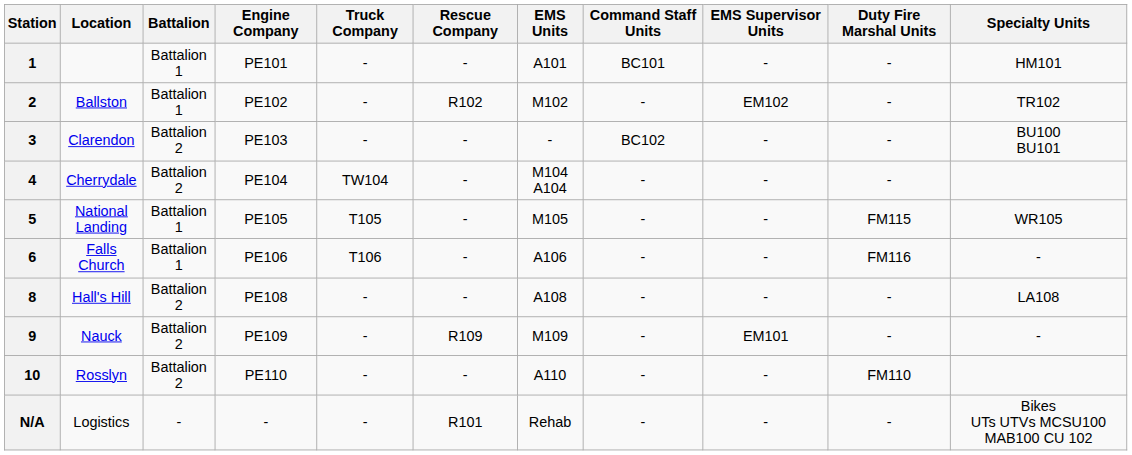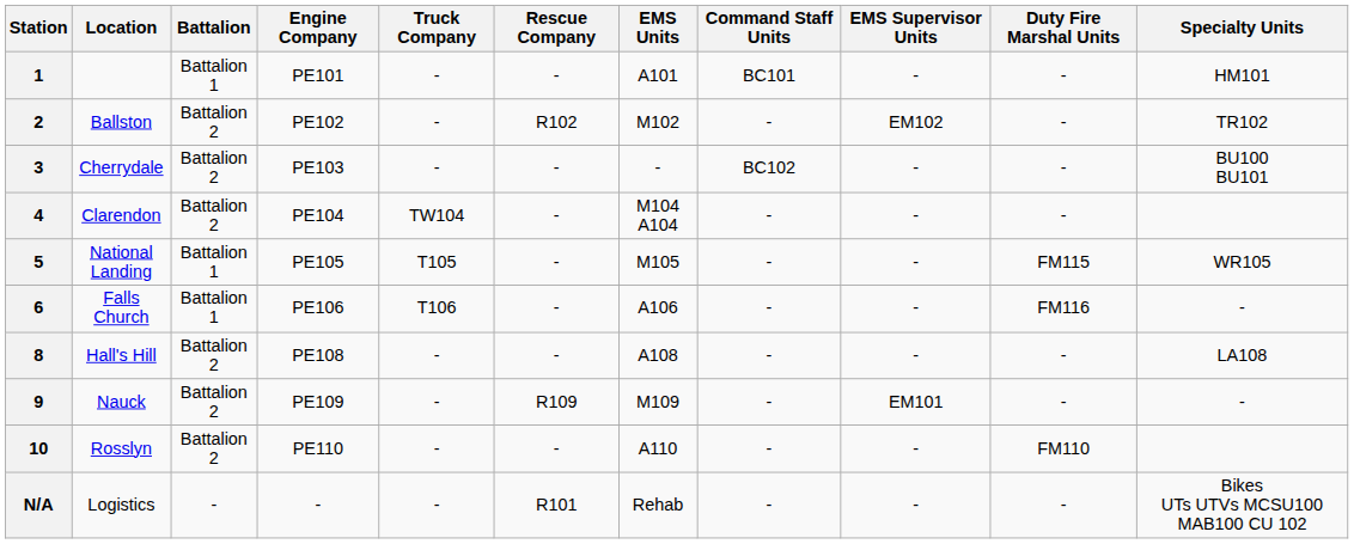 <table class="wikitable" style="text-align: center;">
 <tr>
 <th>Station</th>
 <th>Location</th>
 <th>Battalion</th>
 <th>Engine Company</th>
 <th>Truck Company</th>
 <th>Rescue Company</th>
 <th>EMS Units</th>
 <th>Command Staff Units</th>
 <th>EMS Supervisor Units</th>
 <th>Duty Fire Marshal Units</th>
 <th>Specialty Units</th>
 </tr>
 <tr>
 <th>1</th>
 <td></td>
 <td>Battalion 1</td>
 <td>PE101</td>
 <td>-</td>
 <td>-</td>
 <td>A101</td>
 <td>BC101</td>
 <td>-</td>
 <td>-</td>
 <td>HM101</td>
 </tr>
 <tr>
 <th>2</th>
 <td><a href='#'>Ballston</a></td>
-<td>Battalion 1</td>
+<td>Battalion 2</td>
 <td>PE102</td>
 <td>-</td>
 <td>R102</td>
 <td>M102</td>
 <td>-</td>
 <td>EM102</td>
 <td>-</td>
 <td>TR102</td>
 </tr>
 <tr>
 <th>3</th>
-<td><a href='#'>Clarendon</a></td>
+<td><a href='#'>Cherrydale</a></td>
 <td>Battalion 2</td>
 <td>PE103</td>
 <td>-</td>
 <td>-</td>
 <td>-</td>
 <td>BC102</td>
 <td>-</td>
 <td>-</td>
 <td>BU100<br>BU101</td>
 </tr>
 <tr>
 <th>4</th>
-<td><a href='#'>Cherrydale</a></td>
+<td><a href='#'>Clarendon</a></td>
 <td>Battalion 2</td>
 <td>PE104</td>
 <td>TW104</td>
 <td>-</td>
 <td>M104<br>A104</td>
 <td>-</td>
 <td>-</td>
 <td>-</td>
 <td></td>
 </tr>
 <tr>
 <th>5</th>
 <td><a href='#'>National</a><br><a href='#'>Landing</a></td>
 <td>Battalion 1</td>
 <td>PE105</td>
 <td>T105</td>
 <td>-</td>
 <td>M105</td>
 <td>-</td>
 <td>-</td>
 <td>FM115</td>
 <td>WR105</td>
 </tr>
 <tr>
 <th>6</th>
 <td><a href='#'>Falls Church</a></td>
 <td>Battalion 1</td>
 <td>PE106</td>
 <td>T106</td>
 <td>-</td>
 <td>A106</td>
 <td>-</td>
 <td>-</td>
 <td>FM116</td>
 <td>-</td>
 </tr>
 <tr>
 <th>8</th>
 <td><a href='#'>Hall's Hill</a></td>
 <td>Battalion 2</td>
 <td>PE108</td>
 <td>-</td>
 <td>-</td>
 <td>A108</td>
 <td>-</td>
 <td>-</td>
 <td>-</td>
 <td>LA108</td>
 </tr>
 <tr>
 <th>9</th>
 <td><a href='#'>Nauck</a></td>
 <td>Battalion 2</td>
 <td>PE109</td>
 <td>-</td>
 <td>R109</td>
 <td>M109</td>
 <td>-</td>
 <td>EM101</td>
 <td>-</td>
 <td>-</td>
 </tr>
 <tr>
 <th>10</th>
 <td><a href='#'>Rosslyn</a></td>
 <td>Battalion 2</td>
 <td>PE110</td>
 <td>-</td>
 <td>-</td>
 <td>A110</td>
 <td>-</td>
 <td>-</td>
 <td>FM110</td>
 <td></td>
 </tr>
 <tr>
 <th>N/A</th>
 <td>Logistics</td>
 <td>-</td>
 <td>-</td>
 <td>-</td>
 <td>R101</td>
 <td>Rehab</td>
 <td>-</td>
 <td>-</td>
 <td>-</td>
 <td>Bikes<br>UTs UTVs MCSU100 MAB100 CU 102</td>
 </tr>
 </table>
